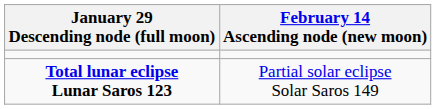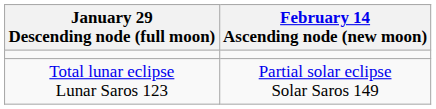 <table class="wikitable">
 <tr>
 <th>January 29<br>Descending node (full moon)</th>
 <th><a href='#'>February 14</a><br>Ascending node (new moon)<br></th>
 </tr>
 <tr>
 <td></td>
 <td></td>
 </tr>
 <tr align=center>
-<td><strong><a href='#'>Total lunar eclipse</a><br>Lunar Saros 123</strong></td>
+<td><a href='#'>Total lunar eclipse</a><br>Lunar Saros 123</td>
 <td><a href='#'>Partial solar eclipse</a><br>Solar Saros 149</td>
 </tr>
 </table>
